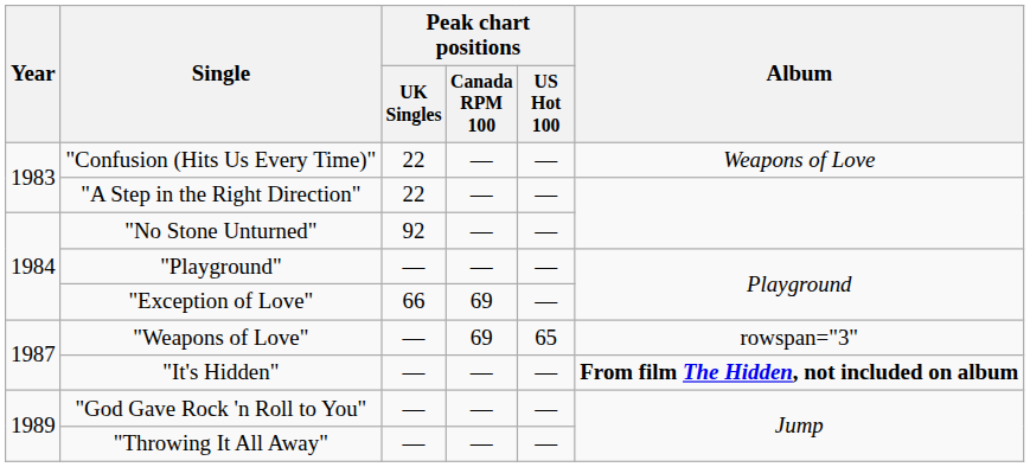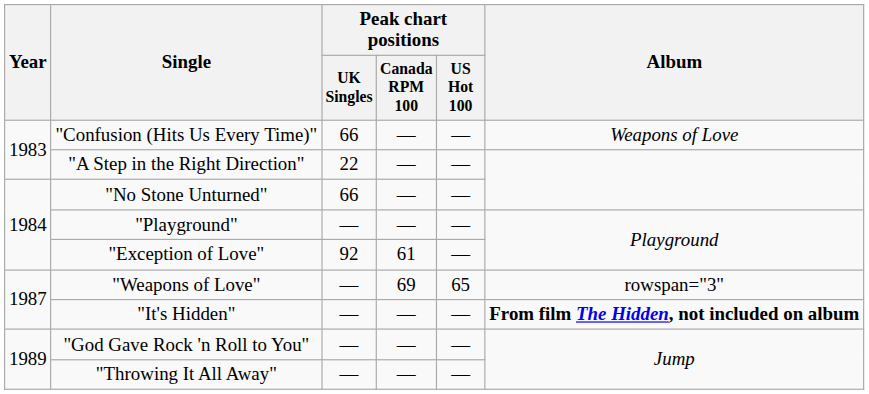 <table class="wikitable" style="text-align:center;">
 <tr>
 <th rowspan="2">Year</th>
 <th rowspan="2">Single</th>
 <th colspan="3">Peak chart positions</th>
 <th rowspan="2">Album</th>
 </tr>
 <tr style="font-size:smaller;">
 <th width="35">UK<br> Singles</th>
 <th width="35">Canada<br> RPM 100</th>
 <th width="35">US <br>Hot 100</th>
 </tr>
 <tr>
 <td rowspan=2>1983</td>
 <td align="center">"Confusion (Hits Us Every Time)"</td>
-<td align="center">22</td>
+<td align="center">66</td>
 <td align="center">—</td>
 <td align="center">—</td>
 <td rowspan="1"><em>Weapons of Love</em></td>
 </tr>
 <tr>
 <td align="center">"A Step in the Right Direction"</td>
 <td align="center">22</td>
 <td align="center">—</td>
 <td align="center">—</td>
 </tr>
 <tr>
 <td rowspan=3>1984</td>
 <td align="center">"No Stone Unturned"</td>
-<td align="center">92</td>
+<td align="center">66</td>
 <td align="center">—</td>
 <td align="center">—</td>
 </tr>
 <tr>
 <td align="center">"Playground"</td>
 <td align="center">—</td>
 <td align="center">—</td>
 <td align="center">—</td>
 <td rowspan="2"><em>Playground</em></td>
 </tr>
 <tr>
 <td align="center">"Exception of Love"</td>
-<td align="center">66</td>
-<td align="center">69</td>
+<td align="center">92</td>
+<td align="center">61</td>
 <td align="center">—</td>
 </tr>
 <tr>
 <td rowspan=2>1987</td>
 <td align="center">"Weapons of Love"</td>
 <td align="center">—</td>
 <td align="center">69</td>
 <td align="center">65</td>
 <td>rowspan="3" </td>
 </tr>
 <tr>
 <td align="center">"It's Hidden"</td>
 <td align="center">—</td>
 <td align="center">—</td>
 <td align="center">—</td>
 <td rowspan="1"><strong>From film <em><a href='#'>The Hidden</a></em>, not included on album</strong></td>
 </tr>
 <tr>
 <td rowspan=2>1989</td>
 <td align="center">"God Gave Rock 'n Roll to You"</td>
 <td align="center">—</td>
 <td align="center">—</td>
 <td align="center">—</td>
 <td rowspan="2"><em>Jump</em></td>
 </tr>
 <tr>
 <td align="center">"Throwing It All Away"</td>
 <td align="center">—</td>
 <td align="center">—</td>
 <td align="center">—</td>
 </tr>
 </table>
